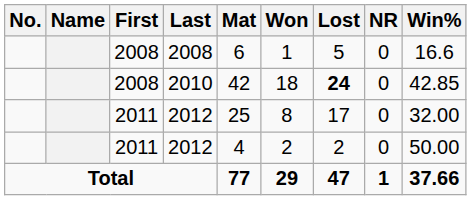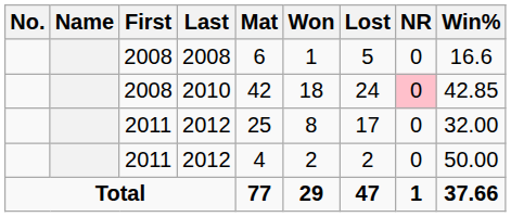 <table class="wikitable plainrowheaders sortable">
 <tr>
 <th scope="col">No.</th>
 <th scope="col">Name</th>
 <th scope="col">First</th>
 <th scope="col">Last</th>
 <th scope="col">Mat</th>
 <th scope="col">Won</th>
 <th scope="col">Lost</th>
 <th scope="col">NR</th>
 <th scope="col">Win%</th>
 </tr>
 <tr align=center>
 <td></td>
 <th scope="row"> </th>
 <td>2008</td>
 <td>2008</td>
 <td>6</td>
 <td>1</td>
 <td>5</td>
 <td>0</td>
 <td>16.6</td>
 </tr>
 <tr align=center>
 <td></td>
 <th scope="row"> </th>
 <td>2008</td>
 <td>2010</td>
 <td>42</td>
 <td>18</td>
-<td><strong>24</strong></td>
-<td>0</td>
+<td>24</td>
+<td style="background: pink;">0</td>
 <td>42.85</td>
 </tr>
 <tr align=center>
 <td></td>
 <th scope="row"> </th>
 <td>2011</td>
 <td>2012</td>
 <td>25</td>
 <td>8</td>
 <td>17</td>
 <td>0</td>
 <td>32.00</td>
 </tr>
 <tr align=center>
 <td></td>
 <th scope="row"> </th>
 <td>2011</td>
 <td>2012</td>
 <td>4</td>
 <td>2</td>
 <td>2</td>
 <td>0</td>
 <td>50.00</td>
 </tr>
 <tr class="sortbottom" style="text-align:center;">
 <td colspan=4><strong>Total</strong></td>
 <td><strong>77</strong></td>
 <td><strong>29</strong></td>
 <td><strong>47</strong></td>
 <td><strong>1</strong></td>
 <td><strong>37.66</strong></td>
 </tr>
 </table>
